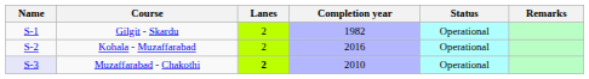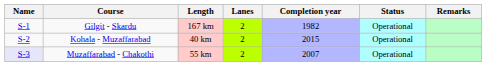 <table class="wikitable" style="margin:auto; font-size:90%; align:center; text-align:center; width:90%">
 <tr>
 <th>Name</th>
 <th>Course</th>
+<th>Length</th>
 <th>Lanes</th>
 <th>Completion year</th>
 <th>Status</th>
 <th>Remarks</th>
 </tr>
 <tr>
 <td><a href='#'>S-1</a></td>
 <td><a href='#'>Gilgit</a> - <a href='#'>Skardu</a></td>
+<td bgcolor="#FFCBCB">167 km</td>
 <td bgcolor="#BBFF00">2</td>
 <td bgcolor="#B3B7FF">1982</td>
 <td bgcolor="#B0FFFF">Operational</td>
 <td bgcolor="#B9FFC5"></td>
 </tr>
 <tr>
 <td><a href='#'>S-2</a></td>
 <td><a href='#'>Kohala</a> - <a href='#'>Muzaffarabad</a></td>
+<td bgcolor="#FFCBCB">40 km</td>
 <td bgcolor="#BBFF00">2</td>
-<td bgcolor="#B3B7FF">2016</td>
+<td bgcolor="#B3B7FF">2015</td>
 <td bgcolor="#B0FFFF">Operational</td>
 <td bgcolor="#B9FFC5"></td>
 </tr>
 <tr>
 <td style="background: lavender;"><a href='#'>S-3</a></td>
 <td><a href='#'>Muzaffarabad</a> - <a href='#'>Chakothi</a></td>
-<td bgcolor="#BBFF00"><strong>2</strong></td>
-<td bgcolor="#B3B7FF">2010</td>
+<td bgcolor="#FFCBCB">55 km</td>
+<td bgcolor="#BBFF00">2</td>
+<td bgcolor="#B3B7FF">2007</td>
 <td bgcolor="#B0FFFF">Operational</td>
 <td bgcolor="#B9FFC5"></td>
 </tr>
 </table>
